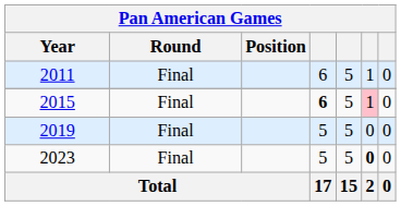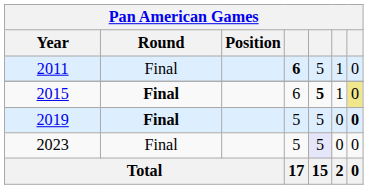 <table class="wikitable" style="text-align: center;">
 <tr>
 <th colspan=10><a href='#'>Pan American Games</a></th>
 </tr>
 <tr>
 <th style="width:5.5em;">Year</th>
 <th style="width:7em;">Round</th>
 <th>Position</th>
 <th></th>
 <th></th>
 <th></th>
 <th></th>
 </tr>
 <tr bgcolor=#ddeeff>
 <td> <a href='#'>2011</a></td>
 <td>Final</td>
 <td></td>
-<td>6</td>
+<td><strong>6</strong></td>
 <td>5</td>
 <td>1</td>
 <td>0</td>
 </tr>
 <tr>
 </tr>
 <tr>
 <td> <a href='#'>2015</a></td>
-<td>Final</td>
+<td><strong>Final</strong></td>
 <td></td>
-<td><strong>6</strong></td>
-<td>5</td>
-<td style="background: pink;">1</td>
-<td>0</td>
+<td>6</td>
+<td><strong>5</strong></td>
+<td>1</td>
+<td style="background: khaki;">0</td>
 </tr>
 <tr bgcolor=#ddeeff>
 <td> <a href='#'>2019</a></td>
-<td>Final</td>
+<td><strong>Final</strong></td>
 <td></td>
 <td>5</td>
 <td>5</td>
 <td>0</td>
-<td>0</td>
+<td><strong>0</strong></td>
 </tr>
 <tr>
 <td> 2023</td>
 <td>Final</td>
 <td></td>
 <td>5</td>
-<td>5</td>
-<td><strong>0</strong></td>
+<td style="background: lavender;">5</td>
+<td>0</td>
 <td>0</td>
 </tr>
 <tr>
 <th colspan=3>Total</th>
 <th>17</th>
 <th>15</th>
 <th>2</th>
 <th>0</th>
 </tr>
 </table>
